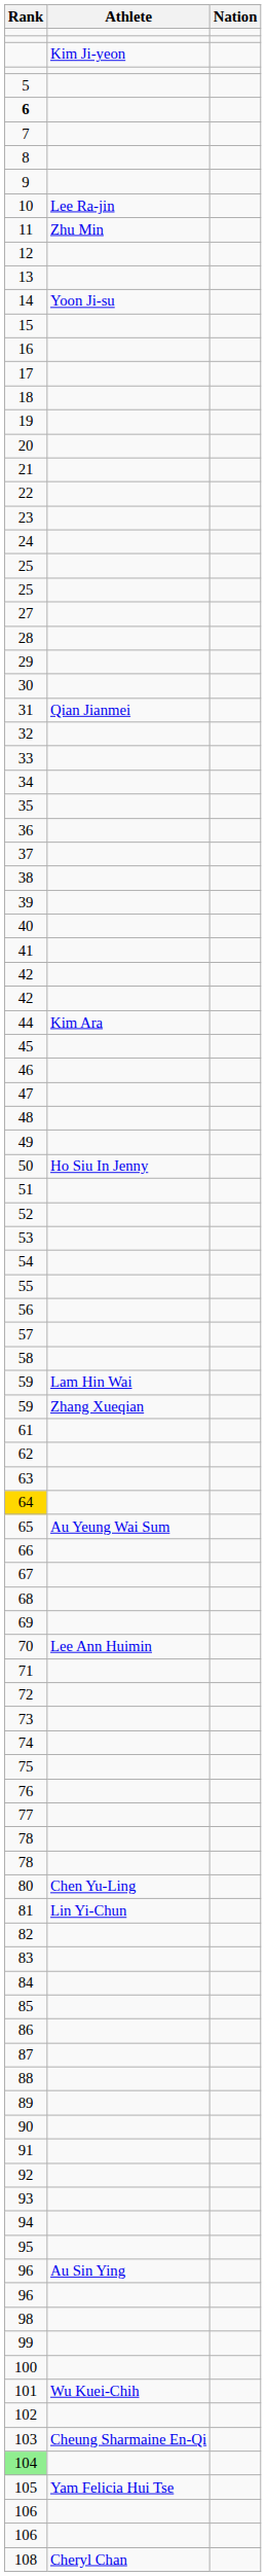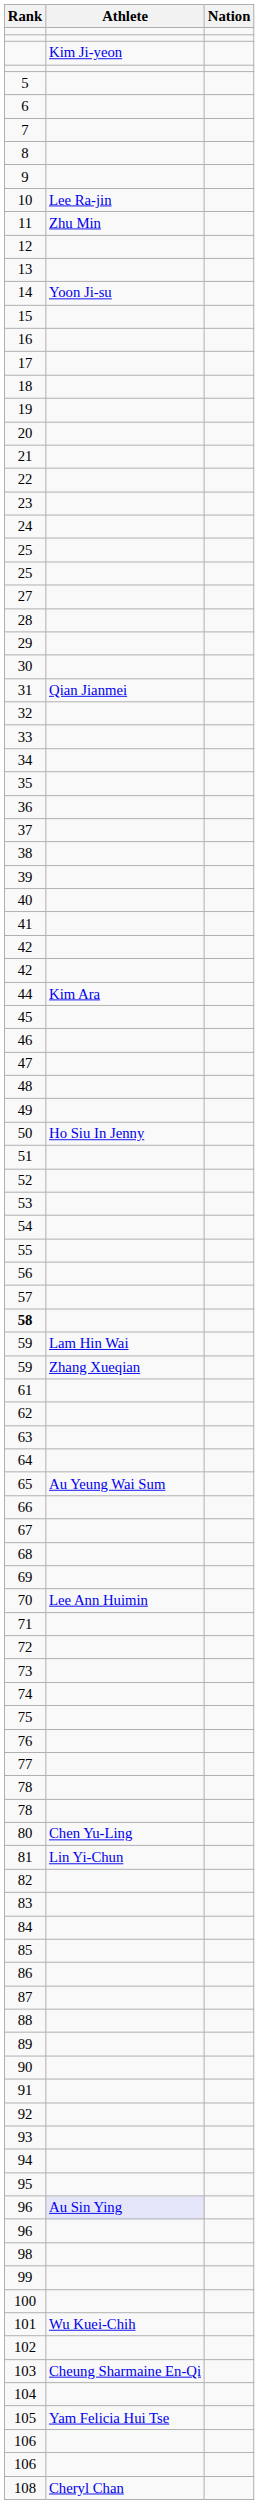 <table class="wikitable sortable" style="text-align:left">
 <tr>
 <th>Rank</th>
 <th>Athlete</th>
 <th>Nation</th>
 </tr>
 <tr>
 <td align="center"></td>
 <td></td>
 <td></td>
 </tr>
 <tr>
 <td align="center"></td>
 <td></td>
 <td></td>
 </tr>
 <tr>
 <td align="center"></td>
 <td><a href='#'>Kim Ji-yeon</a></td>
 <td></td>
 </tr>
 <tr>
 <td align="center"></td>
 <td></td>
 <td></td>
 </tr>
 <tr>
 <td align="center">5</td>
 <td></td>
 <td></td>
 </tr>
 <tr>
-<td align="center"><strong>6</strong></td>
+<td align="center">6</td>
 <td></td>
 <td></td>
 </tr>
 <tr>
 <td align="center">7</td>
 <td></td>
 <td></td>
 </tr>
 <tr>
 <td align="center">8</td>
 <td></td>
 <td></td>
 </tr>
 <tr>
 <td align="center">9</td>
 <td></td>
 <td></td>
 </tr>
 <tr>
 <td align="center">10</td>
 <td><a href='#'>Lee Ra-jin</a></td>
 <td></td>
 </tr>
 <tr>
 <td align="center">11</td>
 <td><a href='#'>Zhu Min</a></td>
 <td></td>
 </tr>
 <tr>
 <td align="center">12</td>
 <td></td>
 <td></td>
 </tr>
 <tr>
 <td align="center">13</td>
 <td></td>
 <td></td>
 </tr>
 <tr>
 <td align="center">14</td>
 <td><a href='#'>Yoon Ji-su</a></td>
 <td></td>
 </tr>
 <tr>
 <td align="center">15</td>
 <td></td>
 <td></td>
 </tr>
 <tr>
 <td align="center">16</td>
 <td></td>
 <td></td>
 </tr>
 <tr>
 <td align="center">17</td>
 <td></td>
 <td></td>
 </tr>
 <tr>
 <td align="center">18</td>
 <td></td>
 <td></td>
 </tr>
 <tr>
 <td align="center">19</td>
 <td></td>
 <td></td>
 </tr>
 <tr>
 <td align="center">20</td>
 <td></td>
 <td></td>
 </tr>
 <tr>
 <td align="center">21</td>
 <td></td>
 <td></td>
 </tr>
 <tr>
 <td align="center">22</td>
 <td></td>
 <td></td>
 </tr>
 <tr>
 <td align="center">23</td>
 <td></td>
 <td></td>
 </tr>
 <tr>
 <td align="center">24</td>
 <td></td>
 <td></td>
 </tr>
 <tr>
 <td align="center">25</td>
 <td></td>
 <td></td>
 </tr>
 <tr>
 <td align="center">25</td>
 <td></td>
 <td></td>
 </tr>
 <tr>
 <td align="center">27</td>
 <td></td>
 <td></td>
 </tr>
 <tr>
 <td align="center">28</td>
 <td></td>
 <td></td>
 </tr>
 <tr>
 <td align="center">29</td>
 <td></td>
 <td></td>
 </tr>
 <tr>
 <td align="center">30</td>
 <td></td>
 <td></td>
 </tr>
 <tr>
 <td align="center">31</td>
 <td><a href='#'>Qian Jianmei</a></td>
 <td></td>
 </tr>
 <tr>
 <td align="center">32</td>
 <td></td>
 <td></td>
 </tr>
 <tr>
 <td align="center">33</td>
 <td></td>
 <td></td>
 </tr>
 <tr>
 <td align="center">34</td>
 <td></td>
 <td></td>
 </tr>
 <tr>
 <td align="center">35</td>
 <td></td>
 <td></td>
 </tr>
 <tr>
 <td align="center">36</td>
 <td></td>
 <td></td>
 </tr>
 <tr>
 <td align="center">37</td>
 <td></td>
 <td></td>
 </tr>
 <tr>
 <td align="center">38</td>
 <td></td>
 <td></td>
 </tr>
 <tr>
 <td align="center">39</td>
 <td></td>
 <td></td>
 </tr>
 <tr>
 <td align="center">40</td>
 <td></td>
 <td></td>
 </tr>
 <tr>
 <td align="center">41</td>
 <td></td>
 <td></td>
 </tr>
 <tr>
 <td align="center">42</td>
 <td></td>
 <td></td>
 </tr>
 <tr>
 <td align="center">42</td>
 <td></td>
 <td></td>
 </tr>
 <tr>
 <td align="center">44</td>
 <td><a href='#'>Kim Ara</a></td>
 <td></td>
 </tr>
 <tr>
 <td align="center">45</td>
 <td></td>
 <td></td>
 </tr>
 <tr>
 <td align="center">46</td>
 <td></td>
 <td></td>
 </tr>
 <tr>
 <td align="center">47</td>
 <td></td>
 <td></td>
 </tr>
 <tr>
 <td align="center">48</td>
 <td></td>
 <td></td>
 </tr>
 <tr>
 <td align="center">49</td>
 <td></td>
 <td></td>
 </tr>
 <tr>
 <td align="center">50</td>
 <td><a href='#'>Ho Siu In Jenny</a></td>
 <td></td>
 </tr>
 <tr>
 <td align="center">51</td>
 <td></td>
 <td></td>
 </tr>
 <tr>
 <td align="center">52</td>
 <td></td>
 <td></td>
 </tr>
 <tr>
 <td align="center">53</td>
 <td></td>
 <td></td>
 </tr>
 <tr>
 <td align="center">54</td>
 <td></td>
 <td></td>
 </tr>
 <tr>
 <td align="center">55</td>
 <td></td>
 <td></td>
 </tr>
 <tr>
 <td align="center">56</td>
 <td></td>
 <td></td>
 </tr>
 <tr>
 <td align="center">57</td>
 <td></td>
 <td></td>
 </tr>
 <tr>
-<td align="center">58</td>
+<td align="center"><strong>58</strong></td>
 <td></td>
 <td></td>
 </tr>
 <tr>
 <td align="center">59</td>
 <td><a href='#'>Lam Hin Wai</a></td>
 <td></td>
 </tr>
 <tr>
 <td align="center">59</td>
 <td><a href='#'>Zhang Xueqian</a></td>
 <td></td>
 </tr>
 <tr>
 <td align="center">61</td>
 <td></td>
 <td></td>
 </tr>
 <tr>
 <td align="center">62</td>
 <td></td>
 <td></td>
 </tr>
 <tr>
 <td align="center">63</td>
 <td></td>
 <td></td>
 </tr>
 <tr>
-<td align="center" style="background: gold;">64</td>
+<td align="center">64</td>
 <td></td>
 <td></td>
 </tr>
 <tr>
 <td align="center">65</td>
 <td><a href='#'>Au Yeung Wai Sum</a></td>
 <td></td>
 </tr>
 <tr>
 <td align="center">66</td>
 <td></td>
 <td></td>
 </tr>
 <tr>
 <td align="center">67</td>
 <td></td>
 <td></td>
 </tr>
 <tr>
 <td align="center">68</td>
 <td></td>
 <td></td>
 </tr>
 <tr>
 <td align="center">69</td>
 <td></td>
 <td></td>
 </tr>
 <tr>
 <td align="center">70</td>
 <td><a href='#'>Lee Ann Huimin</a></td>
 <td></td>
 </tr>
 <tr>
 <td align="center">71</td>
 <td></td>
 <td></td>
 </tr>
 <tr>
 <td align="center">72</td>
 <td></td>
 <td></td>
 </tr>
 <tr>
 <td align="center">73</td>
 <td></td>
 <td></td>
 </tr>
 <tr>
 <td align="center">74</td>
 <td></td>
 <td></td>
 </tr>
 <tr>
 <td align="center">75</td>
 <td></td>
 <td></td>
 </tr>
 <tr>
 <td align="center">76</td>
 <td></td>
 <td></td>
 </tr>
 <tr>
 <td align="center">77</td>
 <td></td>
 <td></td>
 </tr>
 <tr>
 <td align="center">78</td>
 <td></td>
 <td></td>
 </tr>
 <tr>
 <td align="center">78</td>
 <td></td>
 <td></td>
 </tr>
 <tr>
 <td align="center">80</td>
 <td><a href='#'>Chen Yu-Ling</a></td>
 <td></td>
 </tr>
 <tr>
 <td align="center">81</td>
 <td><a href='#'>Lin Yi-Chun</a></td>
 <td></td>
 </tr>
 <tr>
 <td align="center">82</td>
 <td></td>
 <td></td>
 </tr>
 <tr>
 <td align="center">83</td>
 <td></td>
 <td></td>
 </tr>
 <tr>
 <td align="center">84</td>
 <td></td>
 <td></td>
 </tr>
 <tr>
 <td align="center">85</td>
 <td></td>
 <td></td>
 </tr>
 <tr>
 <td align="center">86</td>
 <td></td>
 <td></td>
 </tr>
 <tr>
 <td align="center">87</td>
 <td></td>
 <td></td>
 </tr>
 <tr>
 <td align="center">88</td>
 <td></td>
 <td></td>
 </tr>
 <tr>
 <td align="center">89</td>
 <td></td>
 <td></td>
 </tr>
 <tr>
 <td align="center">90</td>
 <td></td>
 <td></td>
 </tr>
 <tr>
 <td align="center">91</td>
 <td></td>
 <td></td>
 </tr>
 <tr>
 <td align="center">92</td>
 <td></td>
 <td></td>
 </tr>
 <tr>
 <td align="center">93</td>
 <td></td>
 <td></td>
 </tr>
 <tr>
 <td align="center">94</td>
 <td></td>
 <td></td>
 </tr>
 <tr>
 <td align="center">95</td>
 <td></td>
 <td></td>
 </tr>
 <tr>
 <td align="center">96</td>
-<td><a href='#'>Au Sin Ying</a></td>
+<td style="background: lavender;"><a href='#'>Au Sin Ying</a></td>
 <td></td>
 </tr>
 <tr>
 <td align="center">96</td>
 <td></td>
 <td></td>
 </tr>
 <tr>
 <td align="center">98</td>
 <td></td>
 <td></td>
 </tr>
 <tr>
 <td align="center">99</td>
 <td></td>
 <td></td>
 </tr>
 <tr>
 <td align="center">100</td>
 <td></td>
 <td></td>
 </tr>
 <tr>
 <td align="center">101</td>
 <td><a href='#'>Wu Kuei-Chih</a></td>
 <td></td>
 </tr>
 <tr>
 <td align="center">102</td>
 <td></td>
 <td></td>
 </tr>
 <tr>
 <td align="center">103</td>
 <td><a href='#'>Cheung Sharmaine En-Qi</a></td>
 <td></td>
 </tr>
 <tr>
-<td align="center" style="background: lightgreen;">104</td>
+<td align="center">104</td>
 <td></td>
 <td></td>
 </tr>
 <tr>
 <td align="center">105</td>
 <td><a href='#'>Yam Felicia Hui Tse</a></td>
 <td></td>
 </tr>
 <tr>
 <td align="center">106</td>
 <td></td>
 <td></td>
 </tr>
 <tr>
 <td align="center">106</td>
 <td></td>
 <td></td>
 </tr>
 <tr>
 <td align="center">108</td>
 <td><a href='#'>Cheryl Chan</a></td>
 <td></td>
 </tr>
 </table>
